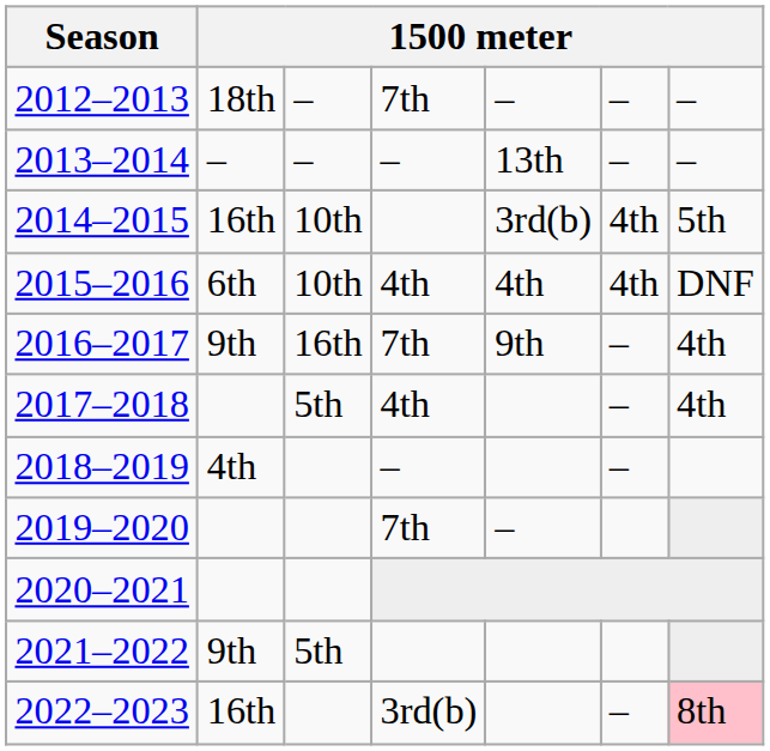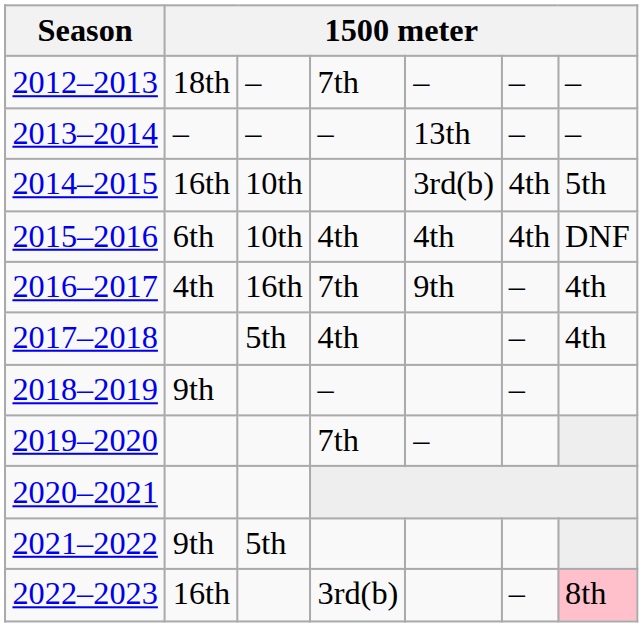 <table class="wikitable" style="display: inline-table;">
 <tr>
 <th>Season</th>
 <th colspan="6">1500 meter</th>
 </tr>
 <tr>
 <td><a href='#'>2012–2013</a></td>
 <td>18th</td>
 <td>–</td>
 <td>7th</td>
 <td>–</td>
 <td>–</td>
 <td>–</td>
 </tr>
 <tr>
 <td><a href='#'>2013–2014</a></td>
 <td>–</td>
 <td>–</td>
 <td>–</td>
 <td>13th</td>
 <td>–</td>
 <td>–</td>
 </tr>
 <tr>
 <td><a href='#'>2014–2015</a></td>
 <td>16th</td>
 <td>10th</td>
 <td></td>
 <td>3rd(b)</td>
 <td>4th</td>
 <td>5th</td>
 </tr>
 <tr>
 <td><a href='#'>2015–2016</a></td>
 <td>6th</td>
 <td>10th</td>
 <td>4th</td>
 <td>4th</td>
 <td>4th</td>
 <td>DNF</td>
 </tr>
 <tr>
 <td><a href='#'>2016–2017</a></td>
-<td>9th</td>
+<td>4th</td>
 <td>16th</td>
 <td>7th</td>
 <td>9th</td>
 <td>–</td>
 <td>4th</td>
 </tr>
 <tr>
 <td><a href='#'>2017–2018</a></td>
 <td></td>
 <td>5th</td>
 <td>4th</td>
 <td></td>
 <td>–</td>
 <td>4th</td>
 </tr>
 <tr>
 <td><a href='#'>2018–2019</a></td>
-<td>4th</td>
+<td>9th</td>
 <td></td>
 <td>–</td>
 <td></td>
 <td>–</td>
 <td></td>
 </tr>
 <tr>
 <td><a href='#'>2019–2020</a></td>
 <td></td>
 <td></td>
 <td>7th</td>
 <td>–</td>
 <td></td>
 <td colspan="4" bgcolor=#EEEEEE></td>
 </tr>
 <tr>
 <td><a href='#'>2020–2021</a></td>
 <td></td>
 <td></td>
 <td colspan="4" bgcolor=#EEEEEE></td>
 </tr>
 <tr>
 <td><a href='#'>2021–2022</a></td>
 <td>9th</td>
 <td>5th</td>
 <td></td>
 <td {bgcolor=#EEEEEE></td>
 <td></td>
 <td colspan="1" bgcolor=#EEEEEE></td>
 </tr>
 <tr>
 <td><a href='#'>2022–2023</a></td>
 <td>16th</td>
 <td></td>
 <td>3rd(b)</td>
 <td></td>
 <td>–</td>
 <td style="background: pink;">8th</td>
 </tr>
 </table>
